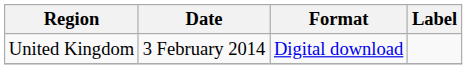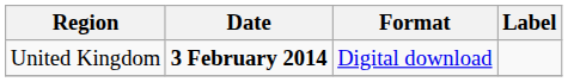 <table class=wikitable>
 <tr>
 <th>Region</th>
 <th>Date</th>
 <th>Format</th>
 <th>Label</th>
 </tr>
 <tr>
 <td>United Kingdom</td>
-<td>3 February 2014</td>
+<td><strong>3 February 2014</strong></td>
 <td><a href='#'>Digital download</a></td>
 <td></td>
 </tr>
 <tr>
 </tr>
 </table>
